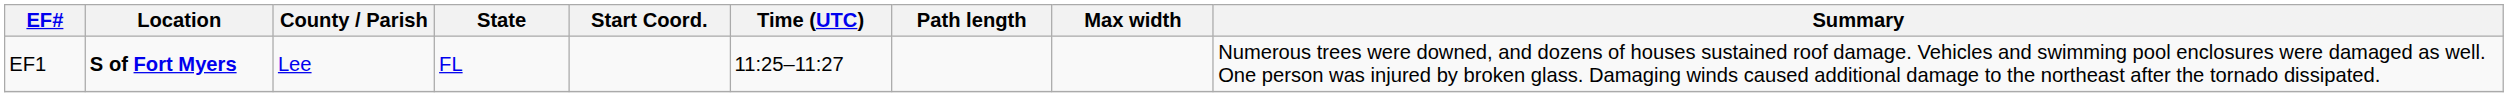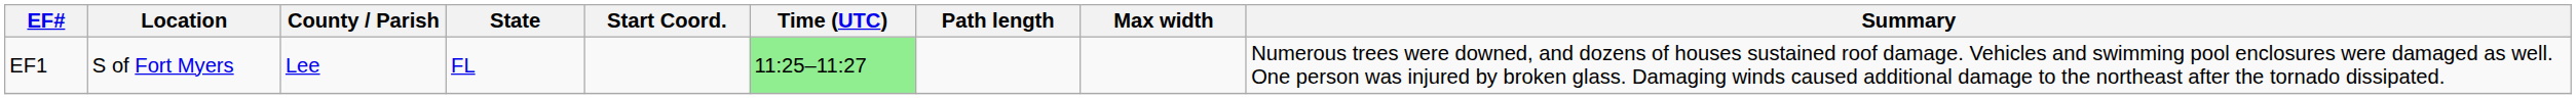 <table class="wikitable sortable" style="width:100%;">
 <tr>
 <th scope="col"  style="width:3%; text-align:center;"><a href='#'>EF#</a></th>
 <th scope="col"  style="width:7%; text-align:center;" class="unsortable">Location</th>
 <th scope="col"  style="width:6%; text-align:center;" class="unsortable">County / Parish</th>
 <th scope="col"  style="width:5%; text-align:center;">State</th>
 <th scope="col"  style="width:6%; text-align:center;">Start Coord.</th>
 <th scope="col"  style="width:6%; text-align:center;">Time (<a href='#'>UTC</a>)</th>
 <th scope="col"  style="width:6%; text-align:center;">Path length</th>
 <th scope="col"  style="width:6%; text-align:center;">Max width</th>
 <th scope="col" class="unsortable" style="width:48%; text-align:center;">Summary</th>
 </tr>
 <tr>
 <td>EF1</td>
-<td><strong>S of <a href='#'>Fort Myers</a></strong></td>
+<td>S of <a href='#'>Fort Myers</a></td>
 <td><a href='#'>Lee</a></td>
 <td><a href='#'>FL</a></td>
 <td></td>
-<td>11:25–11:27</td>
+<td style="background: lightgreen;">11:25–11:27</td>
 <td></td>
 <td></td>
 <td>Numerous trees were downed, and dozens of houses sustained roof damage. Vehicles and swimming pool enclosures were damaged as well. One person was injured by broken glass. Damaging winds caused additional damage to the northeast after the tornado dissipated.</td>
 </tr>
 <tr>
 </tr>
 </table>
